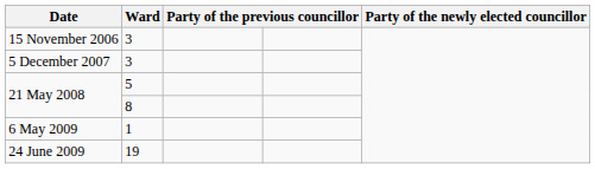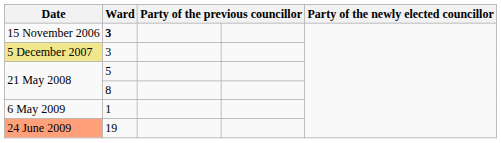 <table class="wikitable">
 <tr>
 <th>Date</th>
 <th>Ward</th>
 <th colspan=2>Party of the previous councillor</th>
 <th colspan=2>Party of the newly elected councillor</th>
 </tr>
 <tr>
 <td>15 November 2006</td>
-<td>3</td>
+<td><strong>3</strong></td>
 <td></td>
 <td></td>
 </tr>
 <tr>
-<td>5 December 2007</td>
+<td style="background: khaki;">5 December 2007</td>
 <td>3</td>
 <td></td>
 <td></td>
 </tr>
 <tr>
 <td rowspan=2>21 May 2008</td>
 <td>5</td>
 <td></td>
 <td></td>
 </tr>
 <tr>
 <td>8</td>
 <td></td>
 <td></td>
 </tr>
 <tr>
 <td>6 May 2009</td>
 <td>1</td>
 <td></td>
 <td></td>
 </tr>
 <tr>
-<td>24 June 2009</td>
+<td style="background: lightsalmon;">24 June 2009</td>
 <td>19</td>
 <td></td>
 <td></td>
 </tr>
 </table>
